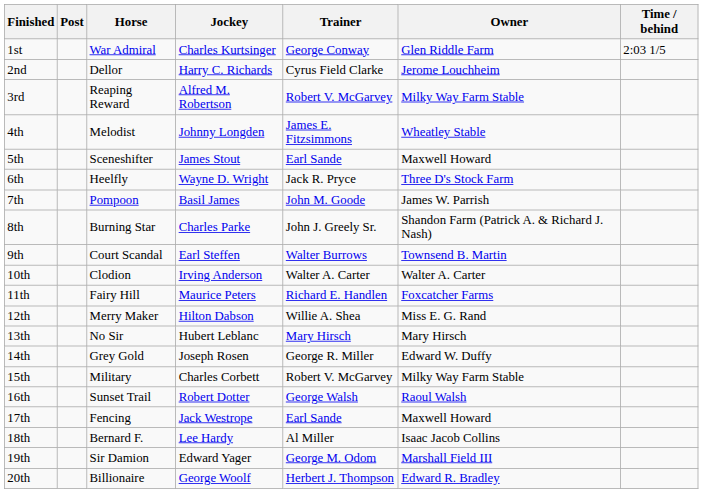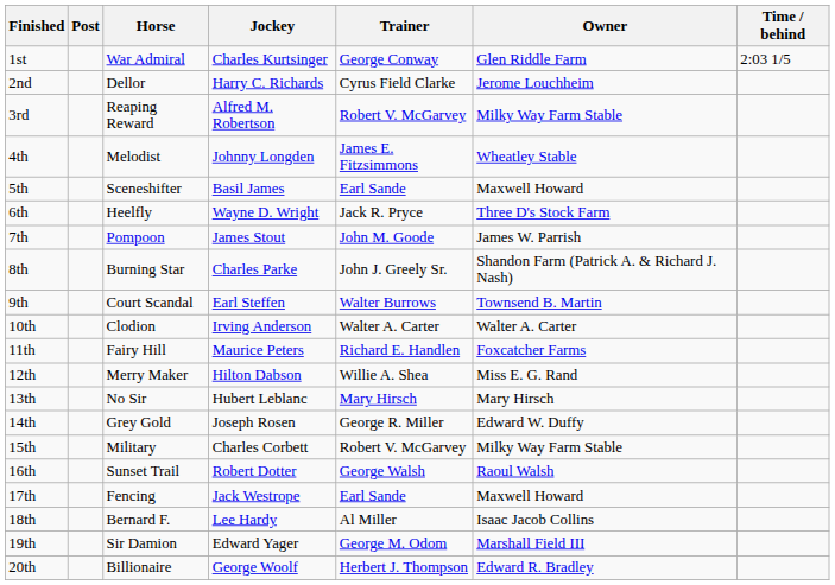 <table class="wikitable">
 <tr>
 <th>Finished</th>
 <th>Post</th>
 <th>Horse</th>
 <th>Jockey</th>
 <th>Trainer</th>
 <th>Owner</th>
 <th>Time / behind</th>
 </tr>
 <tr>
 <td>1st</td>
 <td></td>
 <td><a href='#'>War Admiral</a></td>
 <td><a href='#'>Charles Kurtsinger</a></td>
 <td><a href='#'>George Conway</a></td>
 <td><a href='#'>Glen Riddle Farm</a></td>
 <td>2:03 1/5</td>
 </tr>
 <tr>
 <td>2nd</td>
 <td></td>
 <td>Dellor</td>
 <td><a href='#'>Harry C. Richards</a></td>
 <td>Cyrus Field Clarke</td>
 <td><a href='#'>Jerome Louchheim</a></td>
 <td></td>
 </tr>
 <tr>
 <td>3rd</td>
 <td></td>
 <td>Reaping Reward</td>
 <td><a href='#'>Alfred M. Robertson</a></td>
 <td><a href='#'>Robert V. McGarvey</a></td>
 <td><a href='#'>Milky Way Farm Stable</a></td>
 <td></td>
 </tr>
 <tr>
 <td>4th</td>
 <td></td>
 <td>Melodist</td>
 <td><a href='#'>Johnny Longden</a></td>
 <td><a href='#'>James E. Fitzsimmons</a></td>
 <td><a href='#'>Wheatley Stable</a></td>
 <td></td>
 </tr>
 <tr>
 <td>5th</td>
 <td></td>
 <td>Sceneshifter</td>
-<td><a href='#'>James Stout</a></td>
+<td><a href='#'>Basil James</a></td>
 <td><a href='#'>Earl Sande</a></td>
 <td>Maxwell Howard</td>
 <td></td>
 </tr>
 <tr>
 <td>6th</td>
 <td></td>
 <td>Heelfly</td>
 <td><a href='#'>Wayne D. Wright</a></td>
 <td>Jack R. Pryce</td>
 <td><a href='#'>Three D's Stock Farm</a></td>
 <td></td>
 </tr>
 <tr>
 <td>7th</td>
 <td></td>
 <td><a href='#'>Pompoon</a></td>
-<td><a href='#'>Basil James</a></td>
+<td><a href='#'>James Stout</a></td>
 <td><a href='#'>John M. Goode</a></td>
 <td>James W. Parrish</td>
 <td></td>
 </tr>
 <tr>
 <td>8th</td>
 <td></td>
 <td>Burning Star</td>
 <td><a href='#'>Charles Parke</a></td>
 <td>John J. Greely Sr.</td>
 <td>Shandon Farm (Patrick A. & Richard J. Nash)</td>
 <td></td>
 </tr>
 <tr>
 <td>9th</td>
 <td></td>
 <td>Court Scandal</td>
 <td><a href='#'>Earl Steffen</a></td>
 <td><a href='#'>Walter Burrows</a></td>
 <td><a href='#'>Townsend B. Martin</a></td>
 <td></td>
 </tr>
 <tr>
 <td>10th</td>
 <td></td>
 <td>Clodion</td>
 <td><a href='#'>Irving Anderson</a></td>
 <td>Walter A. Carter</td>
 <td>Walter A. Carter</td>
 <td></td>
 </tr>
 <tr>
 <td>11th</td>
 <td></td>
 <td>Fairy Hill</td>
 <td><a href='#'>Maurice Peters</a></td>
 <td><a href='#'>Richard E. Handlen</a></td>
 <td><a href='#'>Foxcatcher Farms</a></td>
 <td></td>
 </tr>
 <tr>
 <td>12th</td>
 <td></td>
 <td>Merry Maker</td>
 <td><a href='#'>Hilton Dabson</a></td>
 <td>Willie A. Shea</td>
 <td>Miss E. G. Rand</td>
 <td></td>
 </tr>
 <tr>
 <td>13th</td>
 <td></td>
 <td>No Sir</td>
 <td>Hubert Leblanc</td>
 <td><a href='#'>Mary Hirsch</a></td>
 <td>Mary Hirsch</td>
 <td></td>
 </tr>
 <tr>
 <td>14th</td>
 <td></td>
 <td>Grey Gold</td>
 <td>Joseph Rosen</td>
 <td>George R. Miller</td>
 <td>Edward W. Duffy</td>
 <td></td>
 </tr>
 <tr>
 <td>15th</td>
 <td></td>
 <td>Military</td>
 <td>Charles Corbett</td>
 <td>Robert V. McGarvey</td>
 <td>Milky Way Farm Stable</td>
 <td></td>
 </tr>
 <tr>
 <td>16th</td>
 <td></td>
 <td>Sunset Trail</td>
 <td><a href='#'>Robert Dotter</a></td>
 <td><a href='#'>George Walsh</a></td>
 <td><a href='#'>Raoul Walsh</a></td>
 </tr>
 <tr>
 <td>17th</td>
 <td></td>
 <td>Fencing</td>
 <td><a href='#'>Jack Westrope</a></td>
 <td><a href='#'>Earl Sande</a></td>
 <td>Maxwell Howard</td>
 <td></td>
 </tr>
 <tr>
 <td>18th</td>
 <td></td>
 <td>Bernard F.</td>
 <td><a href='#'>Lee Hardy</a></td>
 <td>Al Miller</td>
 <td>Isaac Jacob Collins</td>
 <td></td>
 </tr>
 <tr>
 <td>19th</td>
 <td></td>
 <td>Sir Damion</td>
 <td>Edward Yager</td>
 <td><a href='#'>George M. Odom</a></td>
 <td><a href='#'>Marshall Field III</a></td>
 <td></td>
 </tr>
 <tr>
 <td>20th</td>
 <td></td>
 <td>Billionaire</td>
 <td><a href='#'>George Woolf</a></td>
 <td><a href='#'>Herbert J. Thompson</a></td>
 <td><a href='#'>Edward R. Bradley</a></td>
 <td></td>
 </tr>
 </table>
